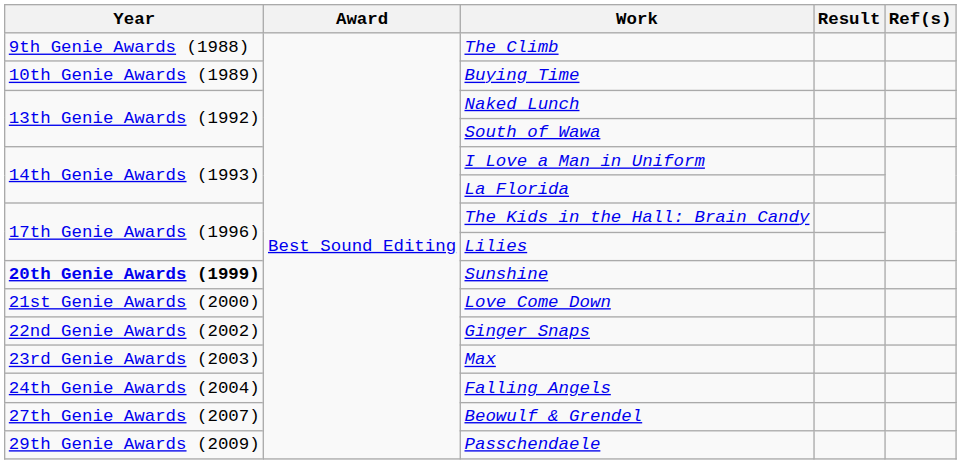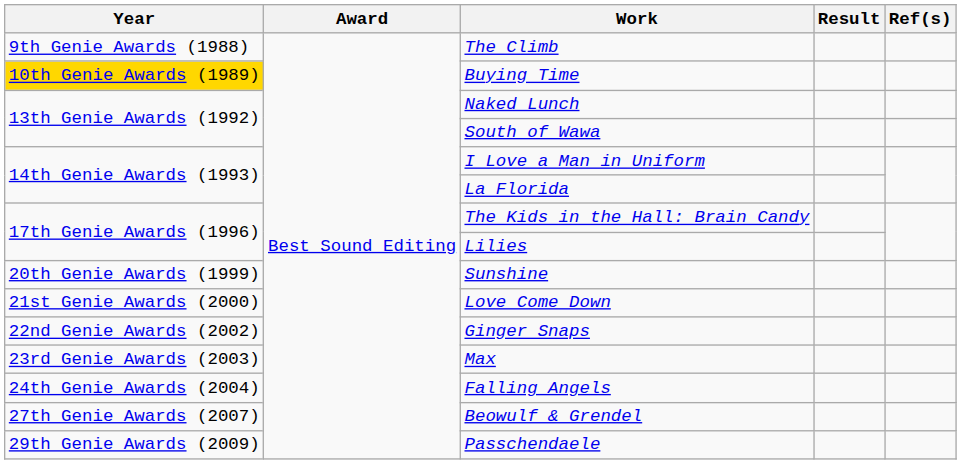 <table class="wikitable plainrowheaders sortable">
 <tr>
 <th>Year</th>
 <th>Award</th>
 <th>Work</th>
 <th>Result</th>
 <th>Ref(s)</th>
 </tr>
 <tr>
 <td><a href='#'>9th Genie Awards</a> (1988)</td>
 <td rowspan=15><a href='#'>Best Sound Editing</a></td>
 <td><em><a href='#'>The Climb</a></em></td>
 <td></td>
 <td></td>
 </tr>
 <tr>
-<td><a href='#'>10th Genie Awards</a> (1989)</td>
+<td style="background: gold;"><a href='#'>10th Genie Awards</a> (1989)</td>
 <td><em><a href='#'>Buying Time</a></em></td>
 <td></td>
 <td></td>
 </tr>
 <tr>
 <td rowspan=2><a href='#'>13th Genie Awards</a> (1992)</td>
 <td><em><a href='#'>Naked Lunch</a></em></td>
 <td></td>
 <td></td>
 </tr>
 <tr>
 <td><em><a href='#'>South of Wawa</a></em></td>
 <td></td>
 <td></td>
 </tr>
 <tr>
 <td rowspan=2><a href='#'>14th Genie Awards</a> (1993)</td>
 <td><em><a href='#'>I Love a Man in Uniform</a></em></td>
 <td></td>
 <td rowspan=2></td>
 </tr>
 <tr>
 <td><em><a href='#'>La Florida</a></em></td>
 <td></td>
 </tr>
 <tr>
 <td rowspan=2><a href='#'>17th Genie Awards</a> (1996)</td>
 <td><em><a href='#'>The Kids in the Hall: Brain Candy</a></em></td>
 <td></td>
 <td rowspan=2></td>
 </tr>
 <tr>
 <td><em><a href='#'>Lilies</a></em></td>
 <td></td>
 </tr>
 <tr>
-<td><strong><a href='#'>20th Genie Awards</a> (1999)</strong></td>
+<td><a href='#'>20th Genie Awards</a> (1999)</td>
 <td><em><a href='#'>Sunshine</a></em></td>
 <td></td>
 <td></td>
 </tr>
 <tr>
 <td><a href='#'>21st Genie Awards</a> (2000)</td>
 <td><em><a href='#'>Love Come Down</a></em></td>
 <td></td>
 <td></td>
 </tr>
 <tr>
 <td><a href='#'>22nd Genie Awards</a> (2002)</td>
 <td><em><a href='#'>Ginger Snaps</a></em></td>
 <td></td>
 <td></td>
 </tr>
 <tr>
 <td><a href='#'>23rd Genie Awards</a> (2003)</td>
 <td><em><a href='#'>Max</a></em></td>
 <td></td>
 <td></td>
 </tr>
 <tr>
 <td><a href='#'>24th Genie Awards</a> (2004)</td>
 <td><em><a href='#'>Falling Angels</a></em></td>
 <td></td>
 <td></td>
 </tr>
 <tr>
 <td><a href='#'>27th Genie Awards</a> (2007)</td>
 <td><em><a href='#'>Beowulf & Grendel</a></em></td>
 <td></td>
 <td></td>
 </tr>
 <tr>
 <td><a href='#'>29th Genie Awards</a> (2009)</td>
 <td><em><a href='#'>Passchendaele</a></em></td>
 <td></td>
 <td></td>
 </tr>
 </table>
